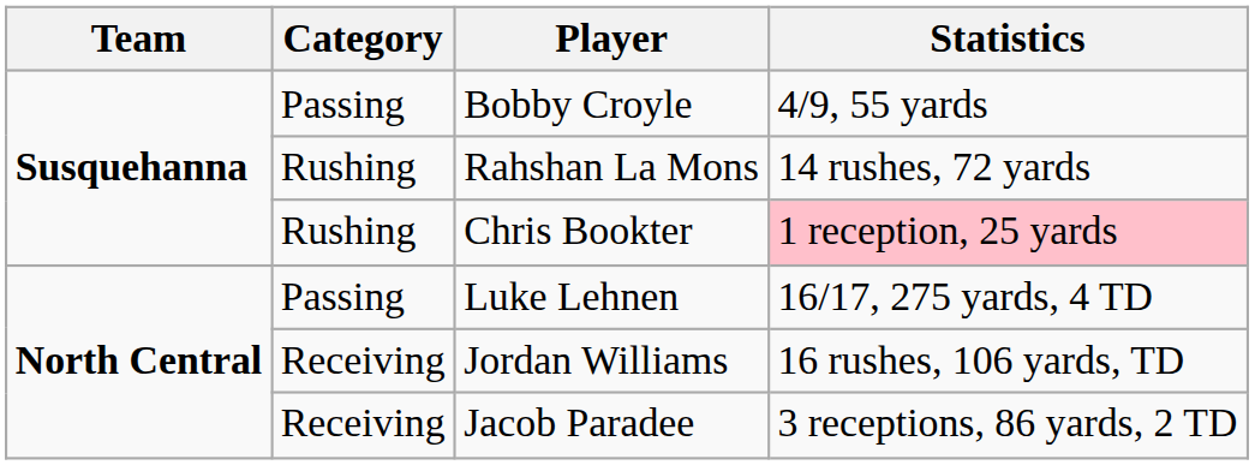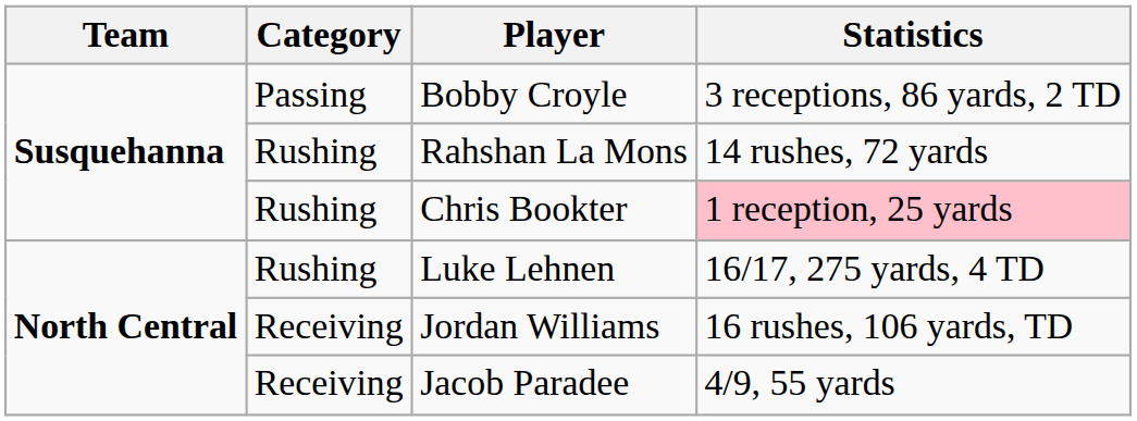 <table class="wikitable" style="float: left;">
 <tr>
 <th>Team</th>
 <th>Category</th>
 <th>Player</th>
 <th>Statistics</th>
 </tr>
 <tr>
 <td rowspan=3><strong>Susquehanna</strong></td>
 <td>Passing</td>
 <td>Bobby Croyle</td>
-<td>4/9, 55 yards</td>
+<td>3 receptions, 86 yards, 2 TD</td>
 </tr>
 <tr>
 <td>Rushing</td>
 <td>Rahshan La Mons</td>
 <td>14 rushes, 72 yards</td>
 </tr>
 <tr>
 <td>Rushing</td>
 <td>Chris Bookter</td>
 <td style="background: pink;">1 reception, 25 yards</td>
 </tr>
 <tr>
 <td rowspan=3><strong>North Central</strong></td>
-<td>Passing</td>
+<td>Rushing</td>
 <td>Luke Lehnen</td>
 <td>16/17, 275 yards, 4 TD</td>
 </tr>
 <tr>
 <td>Receiving</td>
 <td>Jordan Williams</td>
 <td>16 rushes, 106 yards, TD</td>
 </tr>
 <tr>
 <td>Receiving</td>
 <td>Jacob Paradee</td>
-<td>3 receptions, 86 yards, 2 TD</td>
+<td>4/9, 55 yards</td>
 </tr>
 </table>
